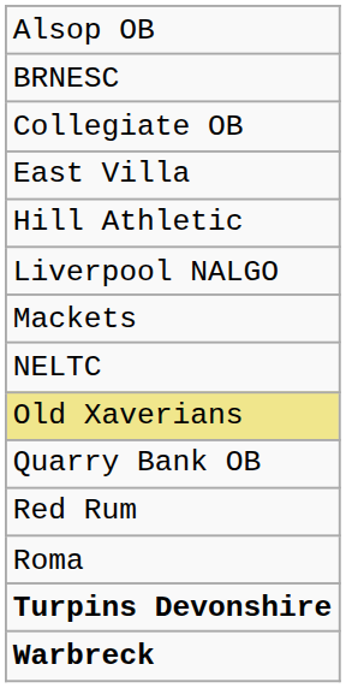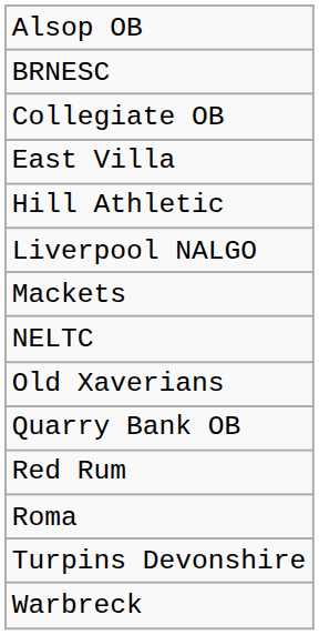 <table class="wikitable" style="textalign-center">
 <tr>
 <td>Alsop OB</td>
 </tr>
 <tr>
 <td>BRNESC</td>
 </tr>
 <tr>
 <td>Collegiate OB</td>
 </tr>
 <tr>
 <td>East Villa</td>
 </tr>
 <tr>
 <td>Hill Athletic</td>
 </tr>
 <tr>
 <td>Liverpool NALGO</td>
 </tr>
 <tr>
 <td>Mackets</td>
 </tr>
 <tr>
 <td>NELTC</td>
 </tr>
 <tr>
-<td style="background: khaki;">Old Xaverians</td>
+<td>Old Xaverians</td>
 </tr>
 <tr>
 <td>Quarry Bank OB</td>
 </tr>
 <tr>
 <td>Red Rum</td>
 </tr>
 <tr>
 <td>Roma</td>
 </tr>
 <tr>
-<td><strong>Turpins Devonshire</strong></td>
+<td>Turpins Devonshire</td>
 </tr>
 <tr>
-<td><strong>Warbreck</strong></td>
+<td>Warbreck</td>
 </tr>
 </table>
